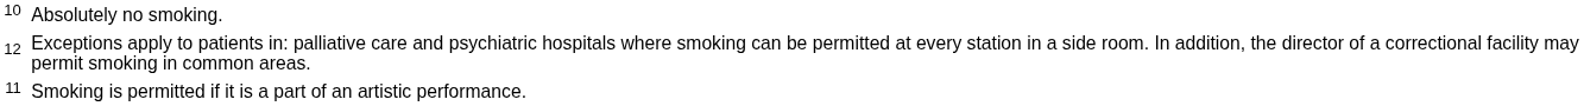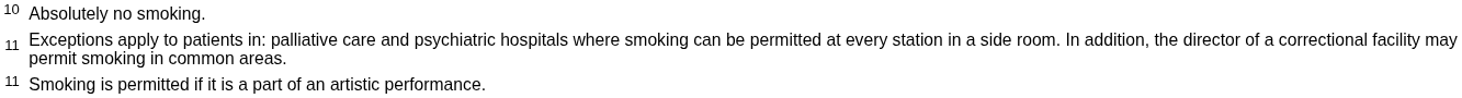 <table class="toptextcells" style="font-size: 90%;">
 <tr>
 <td style="text-align: right; padding-right: 0.33em"><sup>10</sup></td>
 <td>Absolutely no smoking.</td>
 </tr>
 <tr>
-<td style="text-align: right; padding-right: 0.33em"><sup>12</sup></td>
+<td style="text-align: right; padding-right: 0.33em"><sup>11</sup></td>
 <td>Exceptions apply to patients in: palliative care and psychiatric hospitals where smoking can be permitted at every station in a side room. In addition, the director of a correctional facility may permit smoking in common areas.</td>
 </tr>
 <tr>
 <td style="text-align: right; padding-right: 0.33em"><sup>11</sup></td>
 <td>Smoking is permitted if it is a part of an artistic performance.</td>
 </tr>
 </table>
